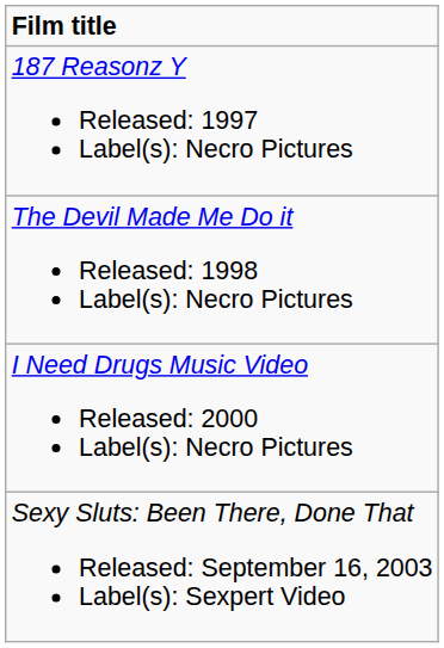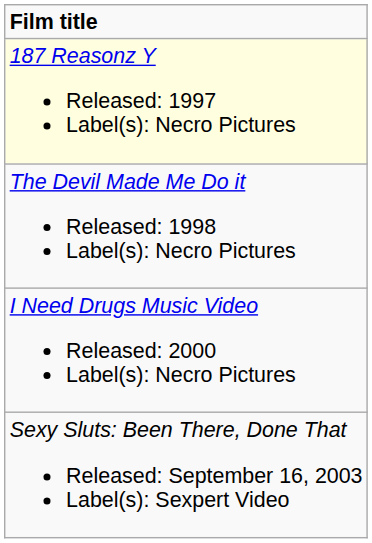 <table class="wikitable" style="font-size: 95%;">
 <tr>
 <td><strong>Film title</strong></td>
 </tr>
 <tr>
-<td style="text-align:left"><em><a href='#'>187 Reasonz Y</a></em><br><ul><li>Released: 1997</li><li>Label(s): Necro Pictures</li></ul></td>
+<td style="background: lightyellow; text-align:left"><em><a href='#'>187 Reasonz Y</a></em><br><ul><li>Released: 1997</li><li>Label(s): Necro Pictures</li></ul></td>
 </tr>
 <tr>
 <td style="text-align:left"><em><a href='#'>The Devil Made Me Do it</a></em><br><ul><li>Released: 1998</li><li>Label(s): Necro Pictures</li></ul></td>
 </tr>
 <tr>
 <td style="text-align:left"><em><a href='#'>I Need Drugs Music Video</a></em><br><ul><li>Released: 2000</li><li>Label(s): Necro Pictures</li></ul></td>
 </tr>
 <tr>
 <td style="text-align:left"><em>Sexy Sluts: Been There, Done That</em><br><ul><li>Released: September 16, 2003</li><li>Label(s): Sexpert Video</li></ul></td>
 </tr>
 </table>
